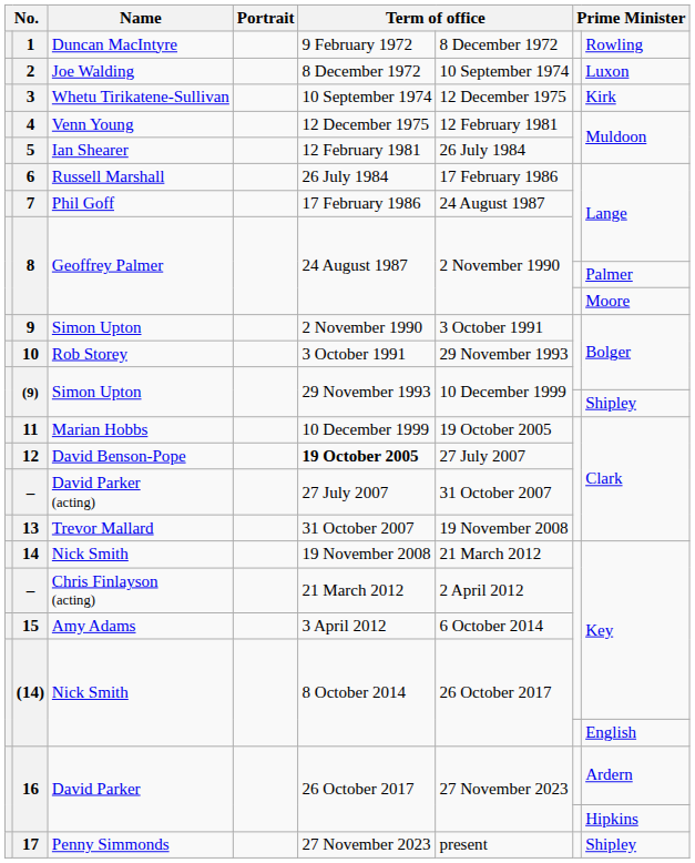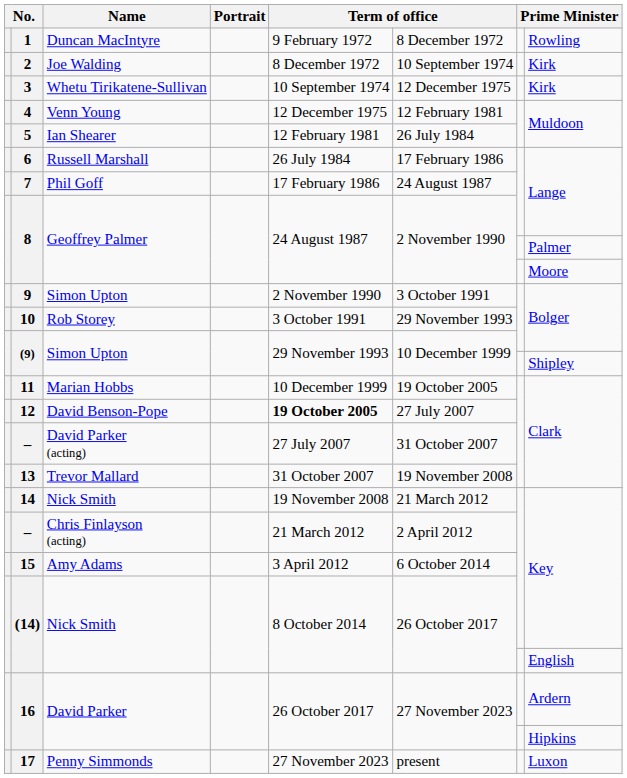 <table class="wikitable">
 <tr>
 <th colspan="2">No.</th>
 <th>Name</th>
 <th>Portrait</th>
 <th colspan="2">Term of office</th>
 <th colspan="2">Prime Minister</th>
 </tr>
 <tr>
 <th style="color:inherit;background:"></th>
 <th>1</th>
 <td><a href='#'>Duncan MacIntyre</a></td>
 <td></td>
 <td>9 February 1972</td>
 <td>8 December 1972</td>
 <td width=1 style="color:inherit;background:"></td>
 <td><a href='#'>Rowling</a></td>
 </tr>
 <tr>
 <th style="color:inherit;background:"></th>
 <th>2</th>
 <td><a href='#'>Joe Walding</a></td>
 <td></td>
 <td>8 December 1972</td>
 <td>10 September 1974</td>
 <td style="color:inherit;background:"></td>
-<td><a href='#'>Luxon</a></td>
+<td><a href='#'>Kirk</a></td>
 </tr>
 <tr>
 <th style="color:inherit;background:"></th>
 <th>3</th>
 <td><a href='#'>Whetu Tirikatene-Sullivan</a></td>
 <td></td>
 <td>10 September 1974</td>
 <td>12 December 1975</td>
 <td style="color:inherit;background:"></td>
 <td><a href='#'>Kirk</a></td>
 </tr>
 <tr>
 <th style="color:inherit;background:"></th>
 <th>4</th>
 <td><a href='#'>Venn Young</a></td>
 <td></td>
 <td>12 December 1975</td>
 <td>12 February 1981</td>
 <td rowspan="2" style="color:inherit;background:"></td>
 <td rowspan="2"><a href='#'>Muldoon</a></td>
 </tr>
 <tr>
 <th style="color:inherit;background:"></th>
 <th>5</th>
 <td><a href='#'>Ian Shearer</a></td>
 <td></td>
 <td>12 February 1981</td>
 <td>26 July 1984</td>
 </tr>
 <tr>
 <th style="color:inherit;background:"></th>
 <th>6</th>
 <td><a href='#'>Russell Marshall</a></td>
 <td></td>
 <td>26 July 1984</td>
 <td>17 February 1986</td>
 <td rowspan=2 style="border-bottom:solid 0 grey; background:"></td>
 <td rowspan=3><a href='#'>Lange</a></td>
 </tr>
 <tr>
 <th style="color:inherit;background:"></th>
 <th>7</th>
 <td><a href='#'>Phil Goff</a></td>
 <td></td>
 <td>17 February 1986</td>
 <td>24 August 1987</td>
 </tr>
 <tr>
 <th rowspan=3 style="color:inherit;background:"></th>
 <th rowspan=3>8</th>
 <td rowspan=3><a href='#'>Geoffrey Palmer</a></td>
 <td rowspan=3></td>
 <td rowspan=3>24 August 1987</td>
 <td rowspan=3>2 November 1990</td>
 <td height=36 style="border-top:solid 0 grey; background:"></td>
 </tr>
 <tr>
 <td style="color:inherit;background:"></td>
 <td><a href='#'>Palmer</a></td>
 </tr>
 <tr>
 <td style="color:inherit;background:"></td>
 <td><a href='#'>Moore</a></td>
 </tr>
 <tr>
 <th style="color:inherit;background:"></th>
 <th>9</th>
 <td><a href='#'>Simon Upton</a></td>
 <td></td>
 <td>2 November 1990</td>
 <td>3 October 1991</td>
 <td rowspan=3 style="color:inherit;background:"></td>
 <td rowspan=3><a href='#'>Bolger</a></td>
 </tr>
 <tr>
 <th style="color:inherit;background:"></th>
 <th>10</th>
 <td><a href='#'>Rob Storey</a></td>
 <td></td>
 <td>3 October 1991</td>
 <td>29 November 1993</td>
 </tr>
 <tr>
 <th height=15 style="border-bottom:solid 0 grey; background:"></th>
 <th rowspan=2><small>(9)</small></th>
 <td rowspan=2><a href='#'>Simon Upton</a></td>
 <td rowspan=2></td>
 <td rowspan=2>29 November 1993</td>
 <td rowspan=2>10 December 1999</td>
 </tr>
 <tr>
 <th height=15 style="border-top:solid 0 grey; background:"></th>
 <td style="color:inherit;background:"></td>
 <td><a href='#'>Shipley</a></td>
 </tr>
 <tr>
 <th style="color:inherit;background:"></th>
 <th>11</th>
 <td><a href='#'>Marian Hobbs</a></td>
 <td></td>
 <td>10 December 1999</td>
 <td>19 October 2005</td>
 <td rowspan=4 style="color:inherit;background:"></td>
 <td rowspan=4><a href='#'>Clark</a></td>
 </tr>
 <tr>
 <th style="color:inherit;background:"></th>
 <th>12</th>
 <td><a href='#'>David Benson-Pope</a></td>
 <td></td>
 <td><strong>19 October 2005</strong></td>
 <td>27 July 2007</td>
 </tr>
 <tr>
 <th style="color:inherit;background:"></th>
 <th>–</th>
 <td><a href='#'>David Parker</a><br><small>(acting)</small></td>
 <td></td>
 <td>27 July 2007</td>
 <td>31 October 2007</td>
 </tr>
 <tr>
 <th style="color:inherit;background:"></th>
 <th>13</th>
 <td><a href='#'>Trevor Mallard</a></td>
 <td></td>
 <td>31 October 2007</td>
 <td>19 November 2008</td>
 </tr>
 <tr>
 <th style="color:inherit;background:"></th>
 <th>14</th>
 <td><a href='#'>Nick Smith</a></td>
 <td></td>
 <td>19 November 2008</td>
 <td>21 March 2012</td>
 <td rowspan="4" style="color:inherit;background:"></td>
 <td rowspan="4"><a href='#'>Key</a></td>
 </tr>
 <tr>
 <th style="color:inherit;background:"></th>
 <th>–</th>
 <td><a href='#'>Chris Finlayson</a><br><small>(acting)</small></td>
 <td></td>
 <td>21 March 2012</td>
 <td>2 April 2012</td>
 </tr>
 <tr>
 <th style="color:inherit;background:"></th>
 <th>15</th>
 <td><a href='#'>Amy Adams</a></td>
 <td></td>
 <td>3 April 2012</td>
 <td>6 October 2014</td>
 </tr>
 <tr>
 <th height=70 style="border-bottom:solid 0 grey; background:"></th>
 <th rowspan="2">(14)</th>
 <td rowspan="2"><a href='#'>Nick Smith</a></td>
 <td rowspan="2"></td>
 <td rowspan="2">8 October 2014</td>
 <td rowspan="2">26 October 2017</td>
 </tr>
 <tr>
 <th height=15 style="border-top:solid 0 grey; background:"></th>
 <td style="color:inherit;background:"></td>
 <td><a href='#'>English</a></td>
 </tr>
 <tr>
 <th height=50 style="border-bottom:solid 0 grey; background:"></th>
 <th rowspan="2">16</th>
 <td rowspan="2"><a href='#'>David Parker</a></td>
 <td rowspan="2"></td>
 <td rowspan="2">26 October 2017</td>
 <td rowspan="2">27 November 2023</td>
 <td style="color:inherit;background:"></td>
 <td><a href='#'>Ardern</a></td>
 </tr>
 <tr>
 <th height=15 style="border-top:solid 0 grey; background:"></th>
 <td style="color:inherit;background:"></td>
 <td><a href='#'>Hipkins</a></td>
 </tr>
 <tr>
 <th style="color:inherit;background:"></th>
 <th>17</th>
 <td><a href='#'>Penny Simmonds</a></td>
 <td></td>
 <td>27 November 2023</td>
 <td>present</td>
 <td style="color:inherit;background:"></td>
-<td><a href='#'>Shipley</a></td>
+<td><a href='#'>Luxon</a></td>
 </tr>
 </table>
